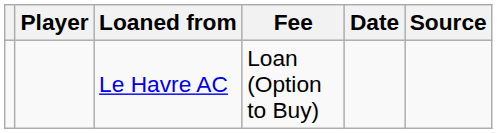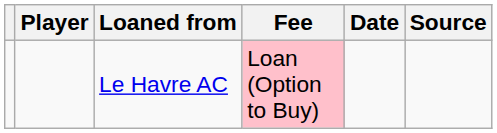 <table class="wikitable plainrowheaders sortable">
 <tr>
 <th></th>
 <th scope="col">Player</th>
 <th>Loaned from</th>
 <th style="width: 65px;">Fee</th>
 <th scope="col">Date</th>
 <th scope="col">Source</th>
 </tr>
 <tr>
 <td align="center"></td>
 <td></td>
 <td> <a href='#'>Le Havre AC</a></td>
-<td>Loan (Option to Buy)</td>
+<td style="background: pink;">Loan (Option to Buy)</td>
 <td></td>
 </tr>
 </table>
